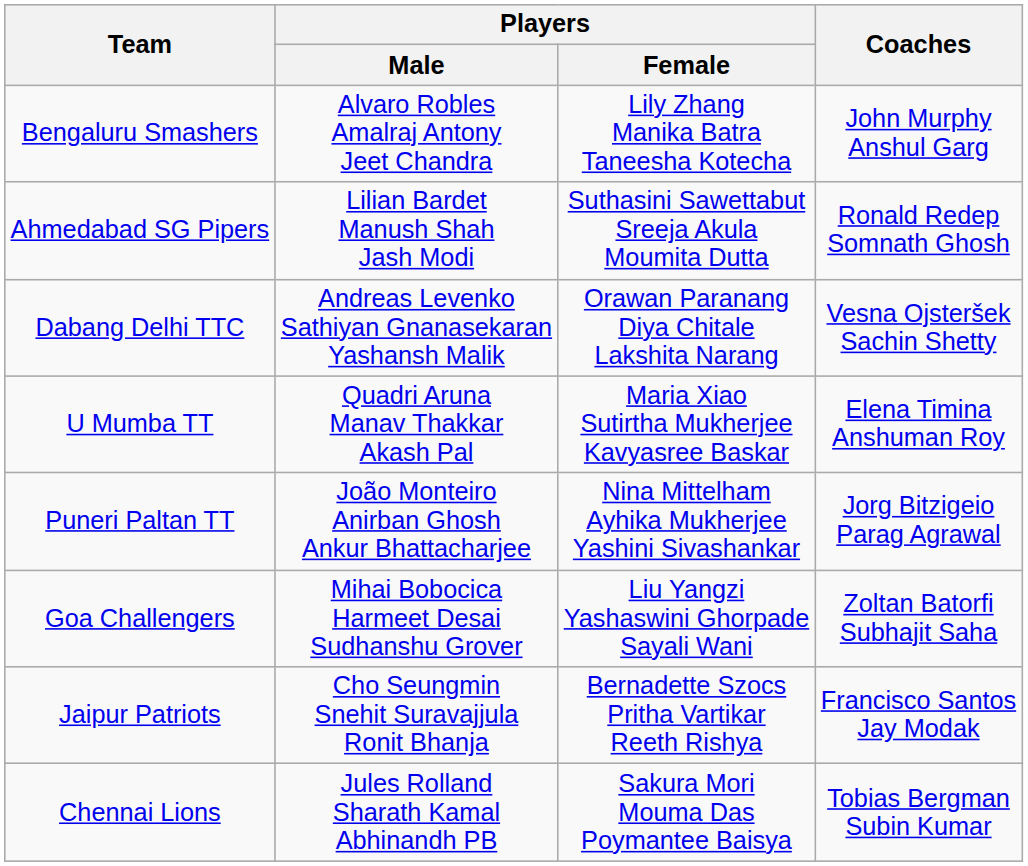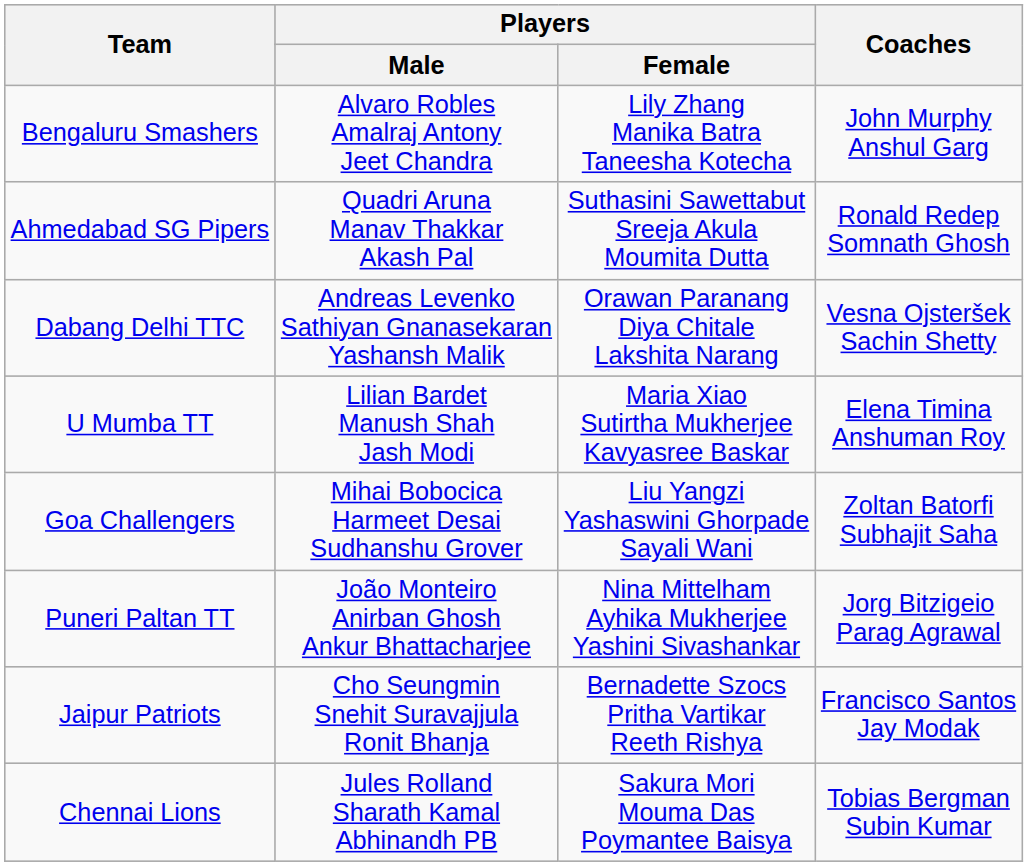 <table class="wikitable sortable" style="text-align:center;">
 <tr>
 <th rowspan=2>Team</th>
 <th colspan=2>Players</th>
 <th rowspan=2>Coaches</th>
 </tr>
 <tr>
 <th>Male</th>
 <th>Female</th>
 </tr>
 <tr>
 <td><a href='#'>Bengaluru Smashers</a></td>
 <td> <a href='#'>Alvaro Robles</a> <br> <a href='#'>Amalraj Antony</a> <br>  <a href='#'>Jeet Chandra</a></td>
 <td> <a href='#'>Lily Zhang</a> <br> <a href='#'>Manika Batra</a> <br> <a href='#'>Taneesha Kotecha</a></td>
 <td> <a href='#'>John Murphy</a> <br>  <a href='#'>Anshul Garg</a></td>
 </tr>
 <tr>
 <td><a href='#'>Ahmedabad SG Pipers</a></td>
-<td> <a href='#'>Lilian Bardet</a> <br>  <a href='#'>Manush Shah</a> <br>  <a href='#'>Jash Modi</a></td>
+<td> <a href='#'>Quadri Aruna</a> <br> <a href='#'>Manav Thakkar</a> <br>  <a href='#'>Akash Pal</a></td>
 <td> <a href='#'>Suthasini Sawettabut</a> <br> <a href='#'>Sreeja Akula</a> <br> <a href='#'>Moumita Dutta</a></td>
 <td> <a href='#'>Ronald Redep</a> <br> <a href='#'>Somnath Ghosh</a></td>
 </tr>
 <tr>
 <td><a href='#'>Dabang Delhi TTC</a></td>
 <td> <a href='#'>Andreas Levenko</a> <br>  <a href='#'>Sathiyan Gnanasekaran</a> <br> <a href='#'>Yashansh Malik</a></td>
 <td> <a href='#'>Orawan Paranang</a> <br>  <a href='#'>Diya Chitale</a> <br> <a href='#'>Lakshita Narang</a></td>
 <td> <a href='#'>Vesna Ojsteršek</a> <br>  <a href='#'>Sachin Shetty</a></td>
 </tr>
 <tr>
 <td><a href='#'>U Mumba TT</a></td>
-<td> <a href='#'>Quadri Aruna</a> <br> <a href='#'>Manav Thakkar</a> <br>  <a href='#'>Akash Pal</a></td>
+<td> <a href='#'>Lilian Bardet</a> <br>  <a href='#'>Manush Shah</a> <br>  <a href='#'>Jash Modi</a></td>
 <td> <a href='#'>Maria Xiao</a> <br> <a href='#'>Sutirtha Mukherjee</a> <br>  <a href='#'>Kavyasree Baskar</a></td>
 <td> <a href='#'>Elena Timina</a> <br> <a href='#'>Anshuman Roy</a></td>
+</tr>
+<tr>
+<td><a href='#'>Goa Challengers</a></td>
+<td> <a href='#'>Mihai Bobocica</a> <br>  <a href='#'>Harmeet Desai</a> <br> <a href='#'>Sudhanshu Grover</a></td>
+<td> <a href='#'>Liu Yangzi</a> <br> <a href='#'>Yashaswini Ghorpade</a> <br> <a href='#'>Sayali Wani</a></td>
+<td> <a href='#'>Zoltan Batorfi</a> <br> <a href='#'>Subhajit Saha</a></td>
 </tr>
 <tr>
 <td><a href='#'>Puneri Paltan TT</a></td>
 <td> <a href='#'>João Monteiro</a> <br> <a href='#'>Anirban Ghosh</a> <br> <a href='#'>Ankur Bhattacharjee</a></td>
 <td> <a href='#'>Nina Mittelham</a> <br> <a href='#'>Ayhika Mukherjee</a> <br>  <a href='#'>Yashini Sivashankar</a></td>
 <td> <a href='#'>Jorg Bitzigeio</a> <br> <a href='#'>Parag Agrawal</a></td>
-</tr>
-<tr>
-<td><a href='#'>Goa Challengers</a></td>
-<td> <a href='#'>Mihai Bobocica</a> <br>  <a href='#'>Harmeet Desai</a> <br> <a href='#'>Sudhanshu Grover</a></td>
-<td> <a href='#'>Liu Yangzi</a> <br> <a href='#'>Yashaswini Ghorpade</a> <br> <a href='#'>Sayali Wani</a></td>
-<td> <a href='#'>Zoltan Batorfi</a> <br> <a href='#'>Subhajit Saha</a></td>
 </tr>
 <tr>
 <td><a href='#'>Jaipur Patriots</a></td>
 <td> <a href='#'>Cho Seungmin</a> <br> <a href='#'>Snehit Suravajjula</a> <br>  <a href='#'>Ronit Bhanja</a></td>
 <td> <a href='#'>Bernadette Szocs</a> <br>  <a href='#'>Pritha Vartikar</a> <br> <a href='#'>Reeth Rishya</a></td>
 <td> <a href='#'>Francisco Santos</a> <br>  <a href='#'>Jay Modak</a></td>
 </tr>
 <tr>
 <td><a href='#'>Chennai Lions</a></td>
 <td> <a href='#'>Jules Rolland</a> <br> <a href='#'>Sharath Kamal</a> <br> <a href='#'>Abhinandh PB</a></td>
 <td> <a href='#'>Sakura Mori</a> <br> <a href='#'>Mouma Das</a> <br> <a href='#'>Poymantee Baisya</a></td>
 <td> <a href='#'>Tobias Bergman</a> <br>  <a href='#'>Subin Kumar</a></td>
 </tr>
 </table>
